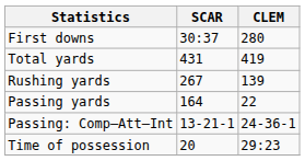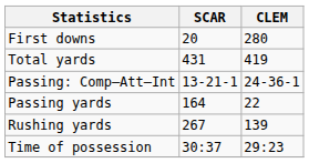 <table class="wikitable" style="float: left;">
 <tr>
 <th>Statistics</th>
 <th>SCAR</th>
 <th>CLEM</th>
 </tr>
 <tr>
 <td>First downs</td>
-<td>30:37</td>
+<td>20</td>
 <td>280</td>
 </tr>
 <tr>
 <td>Total yards</td>
 <td>431</td>
 <td>419</td>
 </tr>
 <tr>
-<td>Rushing yards</td>
-<td>267</td>
-<td>139</td>
+<td>Passing: Comp–Att–Int</td>
+<td>13-21-1</td>
+<td>24-36-1</td>
 </tr>
 <tr>
 <td>Passing yards</td>
 <td>164</td>
 <td>22</td>
 </tr>
 <tr>
-<td>Passing: Comp–Att–Int</td>
-<td>13-21-1</td>
-<td>24-36-1</td>
+<td>Rushing yards</td>
+<td>267</td>
+<td>139</td>
 </tr>
 <tr>
 <td>Time of possession</td>
-<td>20</td>
+<td>30:37</td>
 <td>29:23</td>
 </tr>
 <tr>
 </tr>
 </table>
